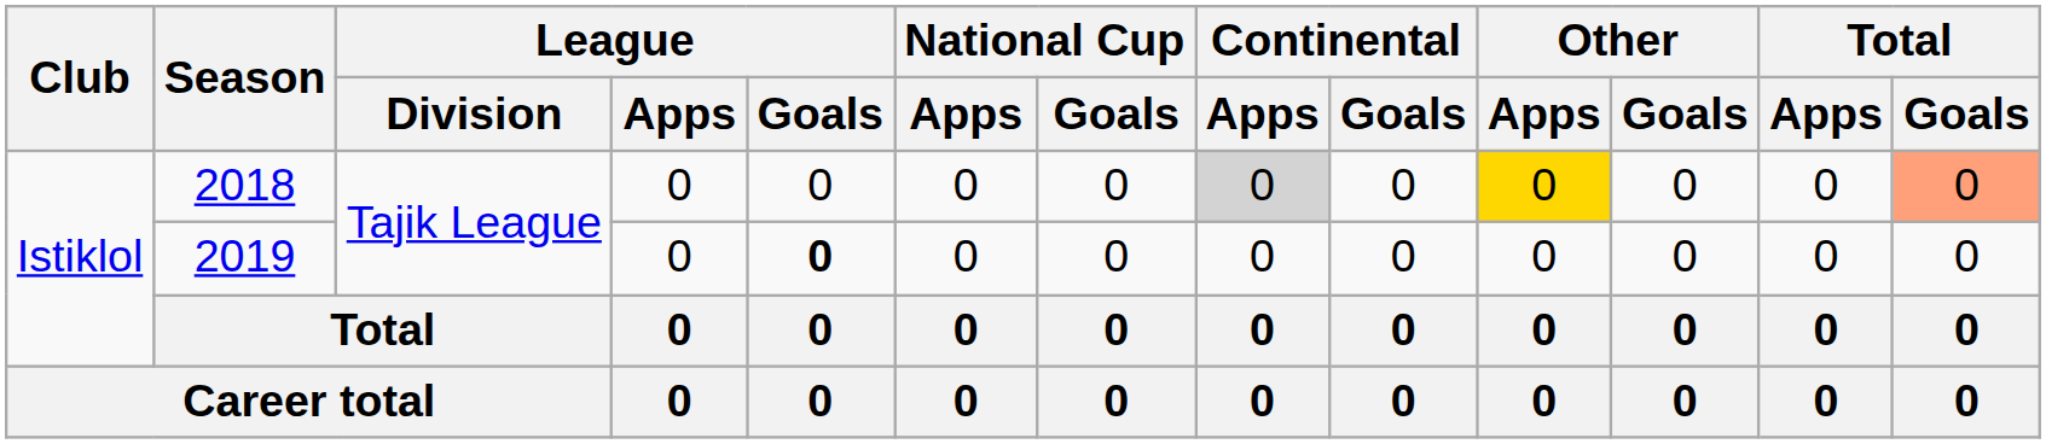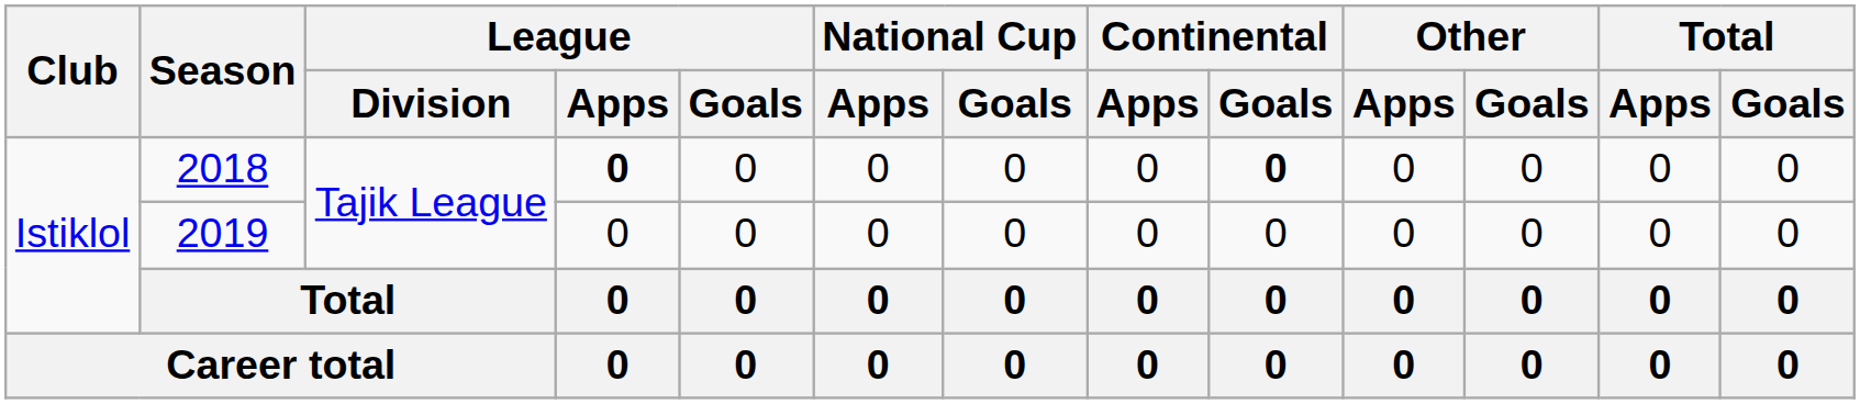 <table class="wikitable" style="text-align: center;">
 <tr>
 <th rowspan="2">Club</th>
 <th rowspan="2">Season</th>
 <th colspan="3">League</th>
 <th colspan="2">National Cup</th>
 <th colspan="2">Continental</th>
 <th colspan="2">Other</th>
 <th colspan="2">Total</th>
 </tr>
 <tr>
 <th>Division</th>
 <th>Apps</th>
 <th>Goals</th>
 <th>Apps</th>
 <th>Goals</th>
 <th>Apps</th>
 <th>Goals</th>
 <th>Apps</th>
 <th>Goals</th>
 <th>Apps</th>
 <th>Goals</th>
 </tr>
 <tr>
 <td rowspan="3" valign="center"><a href='#'>Istiklol</a></td>
 <td><a href='#'>2018</a></td>
 <td rowspan="2" valign="center"><a href='#'>Tajik League</a></td>
+<td><strong>0</strong></td>
 <td>0</td>
 <td>0</td>
 <td>0</td>
 <td>0</td>
-<td style="background: lightgrey;">0</td>
-<td>0</td>
-<td style="background: gold;">0</td>
+<td><strong>0</strong></td>
 <td>0</td>
 <td>0</td>
-<td style="background: lightsalmon;">0</td>
+<td>0</td>
+<td>0</td>
 </tr>
 <tr>
 <td><a href='#'>2019</a></td>
 <td>0</td>
-<td><strong>0</strong></td>
+<td>0</td>
 <td>0</td>
 <td>0</td>
 <td>0</td>
 <td>0</td>
 <td>0</td>
 <td>0</td>
 <td>0</td>
 <td>0</td>
 </tr>
 <tr>
 <th colspan="2">Total</th>
 <th>0</th>
 <th>0</th>
 <th>0</th>
 <th>0</th>
 <th>0</th>
 <th>0</th>
 <th>0</th>
 <th>0</th>
 <th>0</th>
 <th>0</th>
 </tr>
 <tr>
 <th colspan="3">Career total</th>
 <th>0</th>
 <th>0</th>
 <th>0</th>
 <th>0</th>
 <th>0</th>
 <th>0</th>
 <th>0</th>
 <th>0</th>
 <th>0</th>
 <th>0</th>
 </tr>
 </table>
